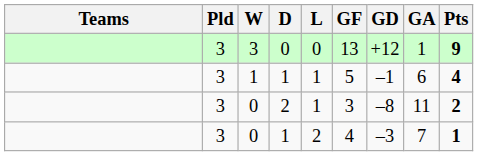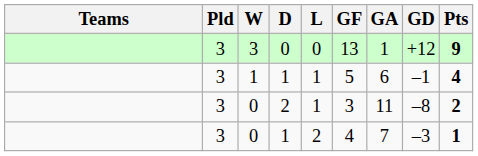 <table class="wikitable" style="text-align: center;">
 <tr>
 <th width=165>Teams</th>
 <th width=20>Pld</th>
 <th width=20>W</th>
 <th width=20>D</th>
 <th width=20>L</th>
 <th width=20>GF</th>
+<th width=20>GA</th>
 <th width=20>GD</th>
-<th width=20>GA</th>
 <th width=20>Pts</th>
 </tr>
 <tr align=center style="background:#ccffcc;">
 <td style="text-align:left;"></td>
 <td>3</td>
 <td>3</td>
 <td>0</td>
 <td>0</td>
 <td>13</td>
+<td>1</td>
 <td>+12</td>
-<td>1</td>
 <td><strong>9</strong></td>
 </tr>
 <tr align=center>
 <td style="text-align:left;"></td>
 <td>3</td>
 <td>1</td>
 <td>1</td>
 <td>1</td>
 <td>5</td>
+<td>6</td>
 <td>–1</td>
-<td>6</td>
 <td><strong>4</strong></td>
 </tr>
 <tr align=center>
 <td style="text-align:left;"></td>
 <td>3</td>
 <td>0</td>
 <td>2</td>
 <td>1</td>
 <td>3</td>
+<td>11</td>
 <td>–8</td>
-<td>11</td>
 <td><strong>2</strong></td>
 </tr>
 <tr align=center>
 <td style="text-align:left;"></td>
 <td>3</td>
 <td>0</td>
 <td>1</td>
 <td>2</td>
 <td>4</td>
+<td>7</td>
 <td>–3</td>
-<td>7</td>
 <td><strong>1</strong></td>
 </tr>
 </table>
